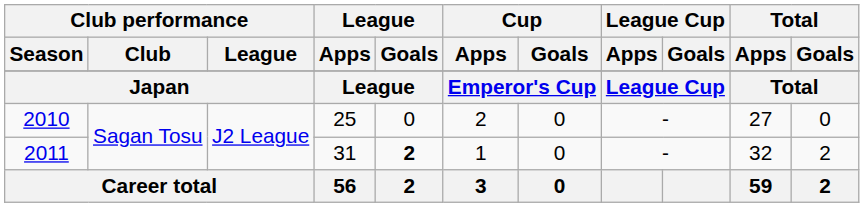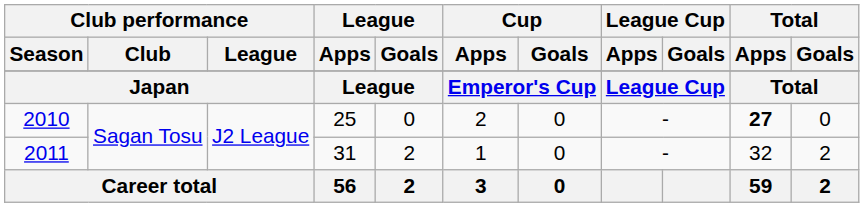 <table class="wikitable" style="text-align:center">
 <tr>
 <th colspan=3>Club performance</th>
 <th colspan=2>League</th>
 <th colspan=2>Cup</th>
 <th colspan=2>League Cup</th>
 <th colspan=2>Total</th>
 </tr>
 <tr>
 <th>Season</th>
 <th>Club</th>
 <th>League</th>
 <th>Apps</th>
 <th>Goals</th>
 <th>Apps</th>
 <th>Goals</th>
 <th>Apps</th>
 <th>Goals</th>
 <th>Apps</th>
 <th>Goals</th>
 </tr>
 <tr>
 </tr>
 <tr>
 <th colspan=3>Japan</th>
 <th colspan=2>League</th>
 <th colspan=2><a href='#'>Emperor's Cup</a></th>
 <th colspan=2><a href='#'>League Cup</a></th>
 <th colspan=2>Total</th>
 </tr>
 <tr>
 <td><a href='#'>2010</a></td>
 <td rowspan=2><a href='#'>Sagan Tosu</a></td>
 <td rowspan=2><a href='#'>J2 League</a></td>
 <td>25</td>
 <td>0</td>
 <td>2</td>
 <td>0</td>
 <td colspan=2>-</td>
-<td>27</td>
+<td><strong>27</strong></td>
 <td>0</td>
 </tr>
 <tr>
 <td><a href='#'>2011</a></td>
 <td>31</td>
-<td><strong>2</strong></td>
+<td>2</td>
 <td>1</td>
 <td>0</td>
 <td colspan="2">-</td>
 <td>32</td>
 <td>2</td>
 </tr>
 <tr>
 <th colspan=3>Career total</th>
 <th>56</th>
 <th>2</th>
 <th>3</th>
 <th>0</th>
 <th></th>
 <th></th>
 <th>59</th>
 <th>2</th>
 </tr>
 </table>
